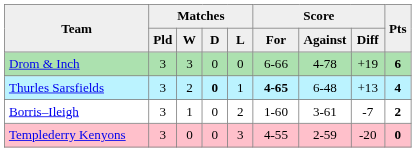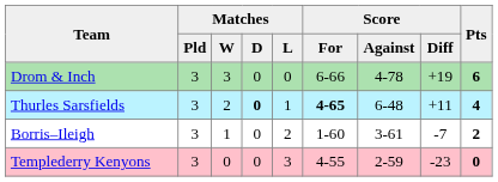 <table style=border-collapse:collapse border=1 cellspacing=0 cellpadding=5>
 <tr align=center bgcolor=#efefef>
 <th rowspan=2 width=165>Team</th>
 <th colspan=4>Matches</th>
 <th colspan=3>Score</th>
 <th rowspan=2width=20>Pts</th>
 </tr>
 <tr align=center bgcolor=#efefef>
 <th width=20>Pld</th>
 <th width=20>W</th>
 <th width=20>D</th>
 <th width=20>L</th>
 <th width=45>For</th>
 <th width=45>Against</th>
 <th width=30>Diff</th>
 </tr>
 <tr align=center style="background:#ACE1AF;">
 <td style="text-align:left;"> <a href='#'>Drom & Inch</a></td>
 <td>3</td>
 <td>3</td>
 <td>0</td>
 <td>0</td>
 <td>6-66</td>
 <td>4-78</td>
 <td>+19</td>
 <td><strong>6</strong></td>
 </tr>
 <tr align=center style="background:#BBF3FF;">
 <td style="text-align:left;"> <a href='#'>Thurles Sarsfields</a></td>
 <td>3</td>
 <td>2</td>
 <td><strong>0</strong></td>
 <td>1</td>
 <td><strong>4-65</strong></td>
 <td>6-48</td>
-<td>+13</td>
+<td>+11</td>
 <td><strong>4</strong></td>
 </tr>
 <tr align=center>
 <td style="text-align:left;"> <a href='#'>Borris–Ileigh</a></td>
 <td>3</td>
 <td>1</td>
 <td>0</td>
 <td>2</td>
 <td>1-60</td>
 <td>3-61</td>
 <td>-7</td>
 <td><strong>2</strong></td>
 </tr>
 <tr align=center style="background:#FFC0CB;">
 <td style="text-align:left;"> <a href='#'>Templederry Kenyons</a></td>
 <td>3</td>
 <td>0</td>
 <td>0</td>
 <td>3</td>
 <td>4-55</td>
 <td>2-59</td>
-<td>-20</td>
+<td>-23</td>
 <td><strong>0</strong></td>
 </tr>
 </table>
